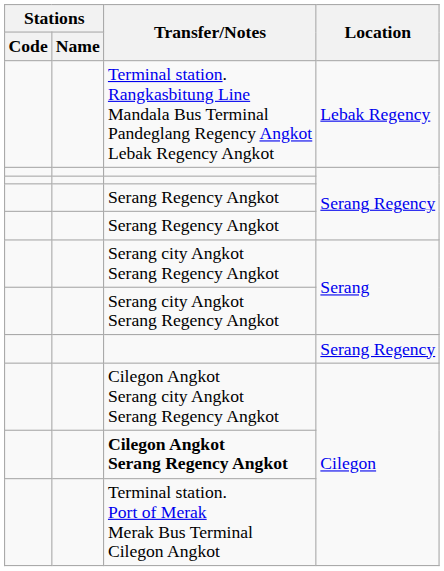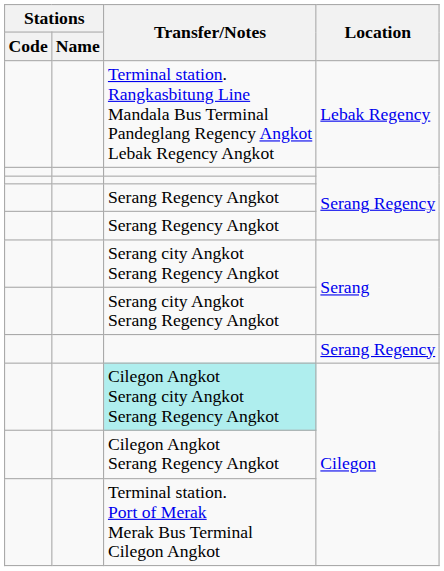 <table class="wikitable">
 <tr>
 <th colspan="2">Stations</th>
 <th rowspan="2">Transfer/Notes</th>
 <th rowspan="2">Location</th>
 </tr>
 <tr>
 <th>Code</th>
 <th>Name</th>
 </tr>
 <tr>
 <td> </td>
 <td><strong></strong></td>
 <td><a href='#'>Terminal station</a>.<br> <a href='#'>Rangkasbitung Line</a><br> Mandala Bus Terminal<br> Pandeglang Regency <a href='#'>Angkot</a><br> Lebak Regency Angkot</td>
 <td><a href='#'>Lebak Regency</a></td>
 </tr>
 <tr>
 <td></td>
 <td></td>
 <td></td>
 <td rowspan="4"><a href='#'>Serang Regency</a></td>
 </tr>
 <tr>
 <td></td>
 <td></td>
 <td></td>
 </tr>
 <tr>
 <td></td>
 <td></td>
 <td> Serang Regency Angkot</td>
 </tr>
 <tr>
 <td></td>
 <td></td>
 <td> Serang Regency Angkot</td>
 </tr>
 <tr>
 <td></td>
 <td></td>
 <td> Serang city Angkot<br> Serang Regency Angkot</td>
 <td rowspan="2"><a href='#'>Serang</a></td>
 </tr>
 <tr>
 <td></td>
 <td></td>
 <td> Serang city Angkot<br> Serang Regency Angkot</td>
 </tr>
 <tr>
 <td></td>
 <td></td>
 <td></td>
 <td><a href='#'>Serang Regency</a></td>
 </tr>
 <tr>
 <td></td>
 <td></td>
-<td> Cilegon Angkot<br> Serang city Angkot<br> Serang Regency Angkot</td>
+<td style="background: paleturquoise;"> Cilegon Angkot<br> Serang city Angkot<br> Serang Regency Angkot</td>
 <td rowspan="3"><a href='#'>Cilegon</a></td>
 </tr>
 <tr>
 <td></td>
 <td></td>
-<td><strong> Cilegon Angkot<br> Serang Regency Angkot</strong></td>
+<td> Cilegon Angkot<br> Serang Regency Angkot</td>
 </tr>
 <tr>
 <td></td>
 <td><strong></strong></td>
 <td>Terminal station.<br> <a href='#'>Port of Merak</a><br> Merak Bus Terminal<br> Cilegon Angkot</td>
 </tr>
 </table>
